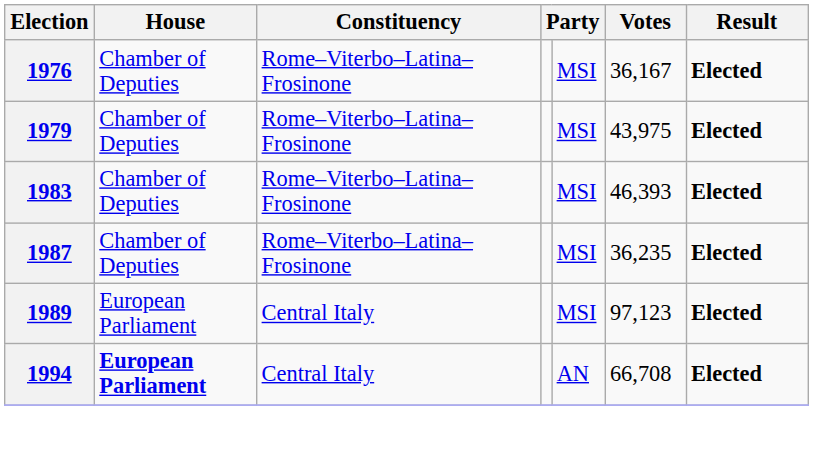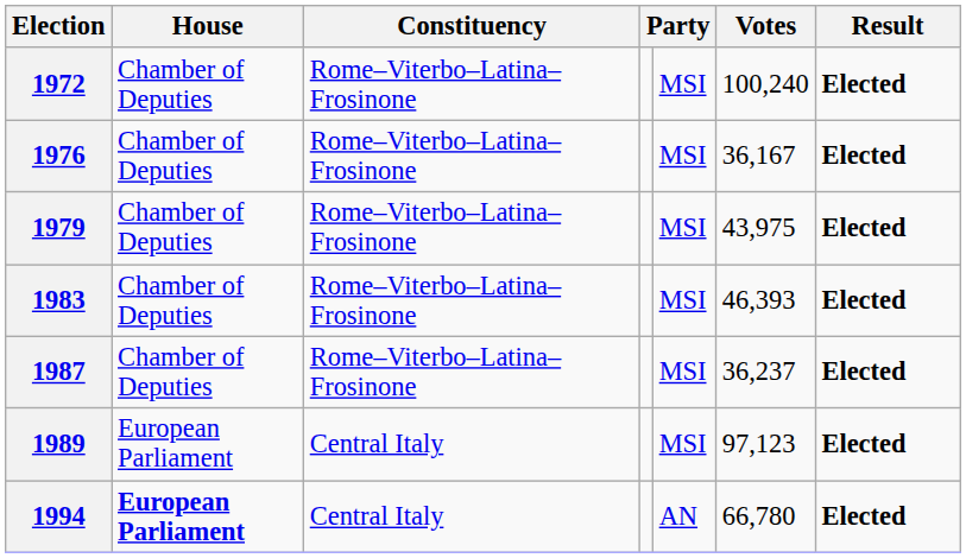 <table class=wikitable style="width:65%; border:1px #AAAAFF solid">
 <tr>
 <th width=8%>Election</th>
 <th width=20%>House</th>
 <th width=35%>Constituency</th>
 <th width=5% colspan="2">Party</th>
 <th width=10%>Votes</th>
 <th width=15%>Result</th>
+</tr>
+<tr>
+<th><a href='#'>1972</a></th>
+<td><a href='#'>Chamber of Deputies</a></td>
+<td><a href='#'>Rome–Viterbo–Latina–Frosinone</a></td>
+<td></td>
+<td><a href='#'>MSI</a></td>
+<td>100,240</td>
+<td> <strong>Elected</strong></td>
 </tr>
 <tr>
 <th><a href='#'>1976</a></th>
 <td><a href='#'>Chamber of Deputies</a></td>
 <td><a href='#'>Rome–Viterbo–Latina–Frosinone</a></td>
 <td></td>
 <td><a href='#'>MSI</a></td>
 <td>36,167</td>
 <td> <strong>Elected</strong></td>
 </tr>
 <tr>
 <th><a href='#'>1979</a></th>
 <td><a href='#'>Chamber of Deputies</a></td>
 <td><a href='#'>Rome–Viterbo–Latina–Frosinone</a></td>
 <td></td>
 <td><a href='#'>MSI</a></td>
 <td>43,975</td>
 <td> <strong>Elected</strong></td>
 </tr>
 <tr>
 <th><a href='#'>1983</a></th>
 <td><a href='#'>Chamber of Deputies</a></td>
 <td><a href='#'>Rome–Viterbo–Latina–Frosinone</a></td>
 <td></td>
 <td><a href='#'>MSI</a></td>
 <td>46,393</td>
 <td> <strong>Elected</strong></td>
 </tr>
 <tr>
 <th><a href='#'>1987</a></th>
 <td><a href='#'>Chamber of Deputies</a></td>
 <td><a href='#'>Rome–Viterbo–Latina–Frosinone</a></td>
 <td></td>
 <td><a href='#'>MSI</a></td>
-<td>36,235</td>
+<td>36,237</td>
 <td> <strong>Elected</strong></td>
 </tr>
 <tr>
 <th><a href='#'>1989</a></th>
 <td><a href='#'>European Parliament</a></td>
 <td><a href='#'>Central Italy</a></td>
 <td></td>
 <td><a href='#'>MSI</a></td>
 <td>97,123</td>
 <td> <strong>Elected</strong></td>
 </tr>
 <tr>
 <th><a href='#'>1994</a></th>
 <td><strong><a href='#'>European Parliament</a></strong></td>
 <td><a href='#'>Central Italy</a></td>
 <td></td>
 <td><a href='#'>AN</a></td>
-<td>66,708</td>
+<td>66,780</td>
 <td> <strong>Elected</strong></td>
 </tr>
 <tr>
 </tr>
 </table>
